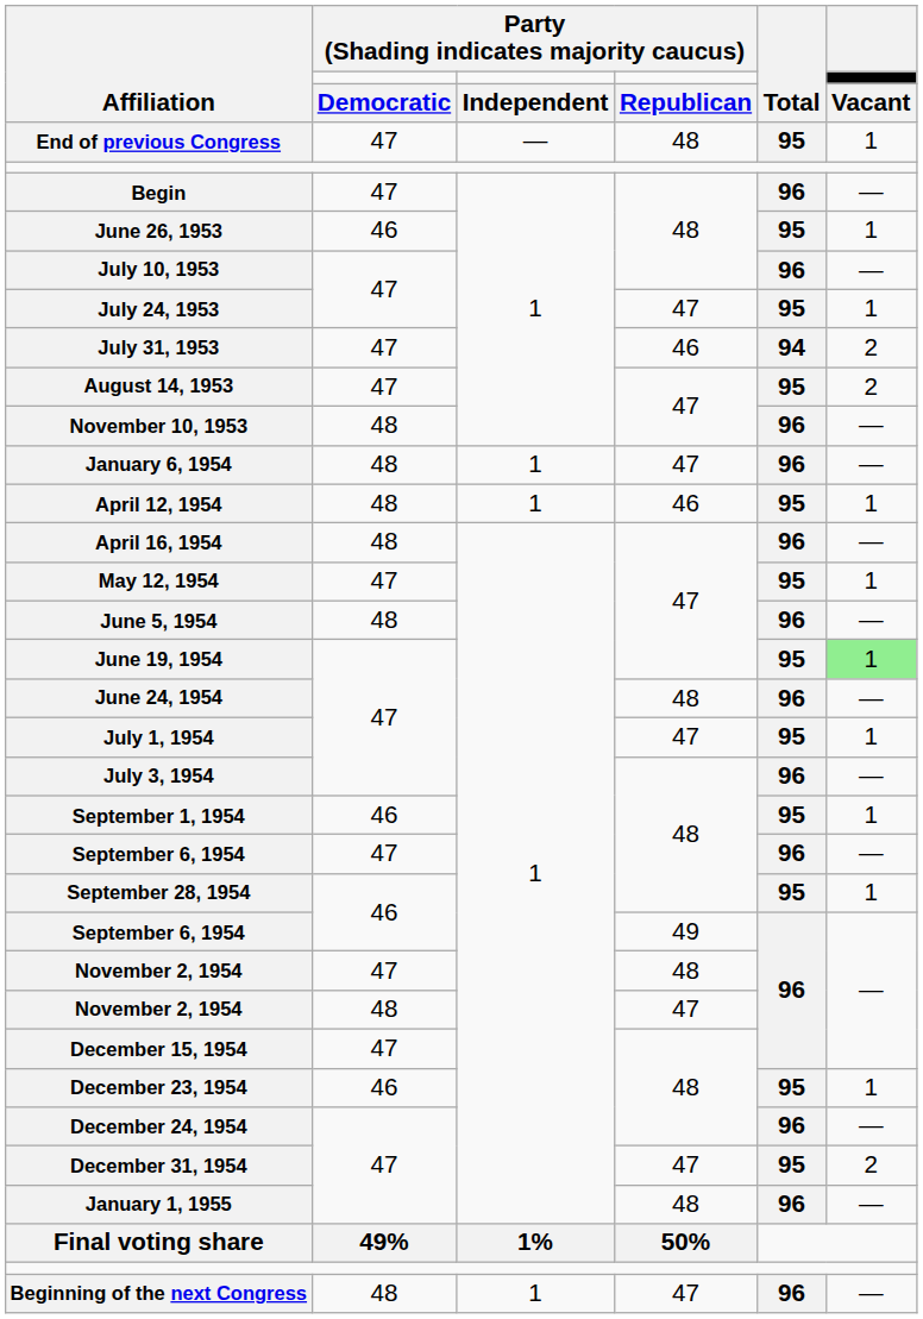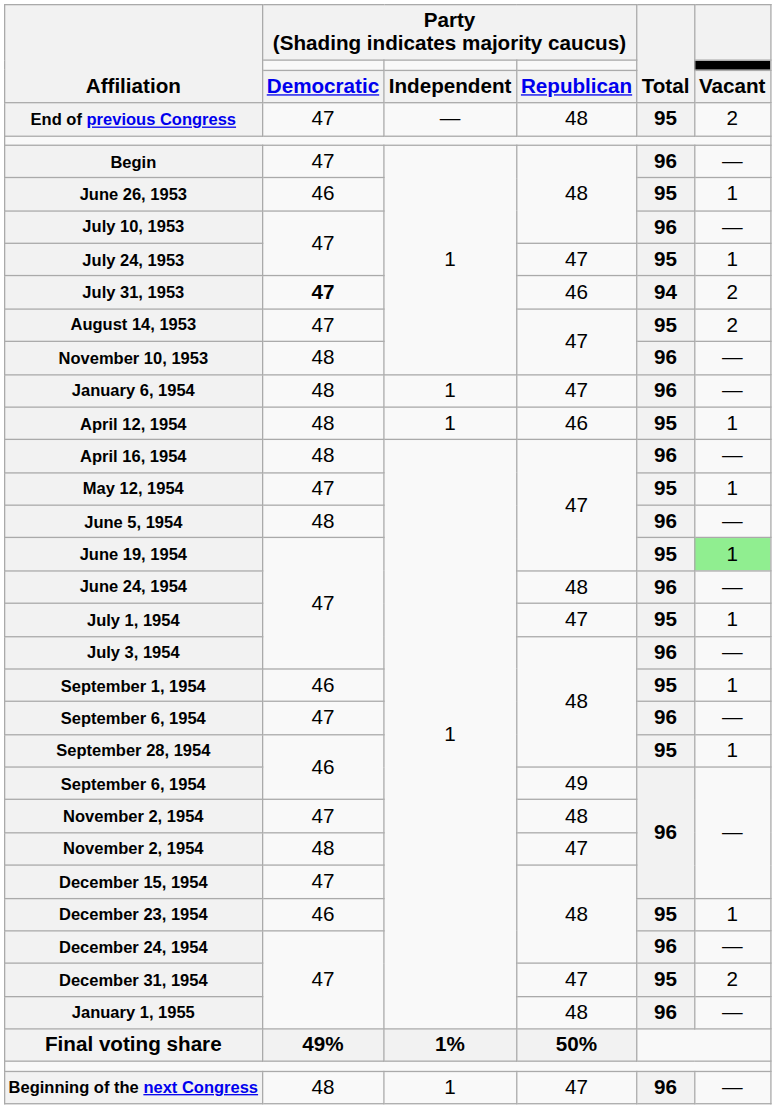 <table class="wikitable" style="text-align:center">
 <tr style="vertical-align:bottom">
 <th rowspan=3>Affiliation</th>
 <th colspan=3>Party <div>(Shading indicates majority caucus)</div></th>
 <th rowspan=3>Total</th>
 <th></th>
 </tr>
 <tr style="height:5px">
 <td style="background-color:"></td>
 <td style="background-color:"></td>
 <td style="background-color:"></td>
 <td style="background-color:black"></td>
 </tr>
 <tr>
 <th><a href='#'>Democratic</a></th>
 <th>Independent</th>
 <th><a href='#'>Republican</a></th>
 <th>Vacant</th>
 </tr>
 <tr>
 <th nowrap style="font-size:80%">End of <a href='#'>previous Congress</a></th>
 <td>47</td>
 <td>—</td>
 <td>48</td>
 <th>95</th>
-<td>1</td>
+<td>2</td>
 </tr>
 <tr>
 <td colspan=6></td>
 </tr>
 <tr>
 <th nowrap style="font-size:80%">Begin</th>
 <td>47</td>
 <td rowspan=7>1</td>
 <td rowspan=3 >48</td>
 <th>96</th>
 <td>—</td>
 </tr>
 <tr style="text-align:center">
 <th nowrap style="font-size:80%">June 26, 1953</th>
 <td>46</td>
 <th>95</th>
 <td>1</td>
 </tr>
 <tr style="text-align:center">
 <th nowrap style="font-size:80%">July 10, 1953</th>
 <td rowspan=2>47</td>
 <th>96</th>
 <td>—</td>
 </tr>
 <tr style="text-align:center">
 <th nowrap style="font-size:80%">July 24, 1953</th>
 <td>47</td>
 <th>95</th>
 <td>1</td>
 </tr>
 <tr style="text-align:center">
 <th nowrap style="font-size:80%">July 31, 1953</th>
-<td>47</td>
+<td><strong>47</strong></td>
 <td>46</td>
 <th>94</th>
 <td>2</td>
 </tr>
 <tr style="text-align:center">
 <th nowrap style="font-size:80%">August 14, 1953</th>
 <td>47</td>
 <td rowspan=2>47</td>
 <th>95</th>
 <td>2</td>
 </tr>
 <tr style="text-align:center">
 <th nowrap style="font-size:80%">November 10, 1953</th>
 <td rowspan=1 >48</td>
 <th>96</th>
 <td>—</td>
 </tr>
 <tr style="text-align:center">
 <th nowrap style="font-size:80%">January 6, 1954</th>
 <td>48</td>
 <td rowspan=1 >1</td>
 <td rowspan=1 >47</td>
 <th>96</th>
 <td>—</td>
 </tr>
 <tr style="text-align:center">
 <th nowrap style="font-size:80%">April 12, 1954</th>
 <td>48</td>
 <td>1</td>
 <td>46</td>
 <th>95</th>
 <td>1</td>
 </tr>
 <tr style="text-align:center">
 <th nowrap style="font-size:80%">April 16, 1954</th>
 <td>48</td>
 <td rowspan=18 >1</td>
 <td rowspan=4 >47</td>
 <th>96</th>
 <td>—</td>
 </tr>
 <tr style="text-align:center">
 <th nowrap style="font-size:80%">May 12, 1954</th>
 <td>47</td>
 <th>95</th>
 <td>1</td>
 </tr>
 <tr style="text-align:center">
 <th nowrap style="font-size:80%">June 5, 1954</th>
 <td>48</td>
 <th>96</th>
 <td>—</td>
 </tr>
 <tr style="text-align:center">
 <th nowrap style="font-size:80%">June 19, 1954</th>
 <td rowspan=4>47</td>
 <th>95</th>
 <td style="background: lightgreen;">1</td>
 </tr>
 <tr style="text-align:center">
 <th nowrap style="font-size:80%">June 24, 1954</th>
 <td>48</td>
 <th>96</th>
 <td>—</td>
 </tr>
 <tr style="text-align:center">
 <th nowrap style="font-size:80%">July 1, 1954</th>
 <td>47</td>
 <th>95</th>
 <td>1</td>
 </tr>
 <tr style="text-align:center">
 <th nowrap style="font-size:80%">July 3, 1954</th>
 <td rowspan=4 >48</td>
 <th>96</th>
 <td>—</td>
 </tr>
 <tr style="text-align:center">
 <th nowrap style="font-size:80%">September 1, 1954</th>
 <td>46</td>
 <th>95</th>
 <td>1</td>
 </tr>
 <tr style="text-align:center">
 <th nowrap style="font-size:80%">September 6, 1954</th>
 <td>47</td>
 <th>96</th>
 <td>—</td>
 </tr>
 <tr style="text-align:center">
 <th nowrap style="font-size:80%">September 28, 1954</th>
 <td rowspan=2>46</td>
 <th>95</th>
 <td>1</td>
 </tr>
 <tr style="text-align:center">
 <th nowrap style="font-size:80%">September 6, 1954</th>
 <td>49</td>
 <th rowspan=4>96</th>
 <td rowspan=4>—</td>
 </tr>
 <tr style="text-align:center">
 <th nowrap style="font-size:80%">November 2, 1954</th>
 <td>47</td>
 <td>48</td>
 </tr>
 <tr style="text-align:center">
 <th nowrap style="font-size:80%">November 2, 1954</th>
 <td>48</td>
 <td>47</td>
 </tr>
 <tr style="text-align:center">
 <th nowrap style="font-size:80%">December 15, 1954</th>
 <td>47</td>
 <td rowspan=3 >48</td>
 </tr>
 <tr style="text-align:center">
 <th nowrap style="font-size:80%">December 23, 1954</th>
 <td>46</td>
 <th>95</th>
 <td>1</td>
 </tr>
 <tr style="text-align:center">
 <th nowrap style="font-size:80%">December 24, 1954</th>
 <td rowspan=3>47</td>
 <th>96</th>
 <td>—</td>
 </tr>
 <tr style="text-align:center">
 <th nowrap style="font-size:80%">December 31, 1954</th>
 <td>47</td>
 <th>95</th>
 <td>2</td>
 </tr>
 <tr style="text-align:center">
 <th nowrap style="font-size:80%">January 1, 1955</th>
 <td>48</td>
 <th>96</th>
 <td>—</td>
 </tr>
 <tr style="text-align:center">
 <th>Final voting share</th>
 <th>49%</th>
 <th>1%</th>
 <th>50%</th>
 <td colspan=2></td>
 </tr>
 <tr>
 <td colspan=6></td>
 </tr>
 <tr>
 <th nowrap style="font-size:80%">Beginning of the <a href='#'>next Congress</a></th>
 <td>48</td>
 <td>1</td>
 <td>47</td>
 <th>96</th>
 <td>—</td>
 </tr>
 </table>
